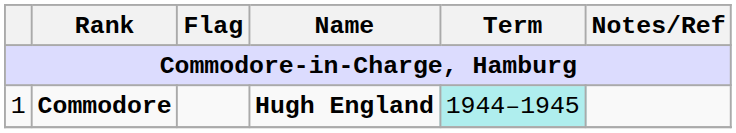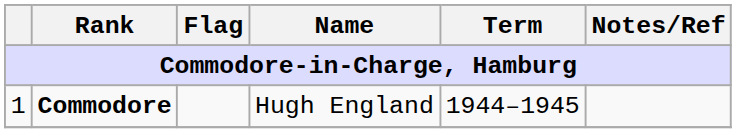 <table class="wikitable">
 <tr>
 <th></th>
 <th>Rank</th>
 <th>Flag</th>
 <th>Name</th>
 <th>Term</th>
 <th>Notes/Ref</th>
 </tr>
 <tr>
 <td colspan="6" align="center" style="background:#dcdcfe;"><strong>Commodore-in-Charge, Hamburg</strong></td>
 </tr>
 <tr>
 <td>1</td>
 <td><strong>Commodore</strong></td>
 <td></td>
-<td><strong>Hugh England</strong></td>
-<td style="background: paleturquoise;">1944–1945</td>
+<td>Hugh England</td>
+<td>1944–1945</td>
 <td></td>
 </tr>
 <tr>
 </tr>
 </table>
